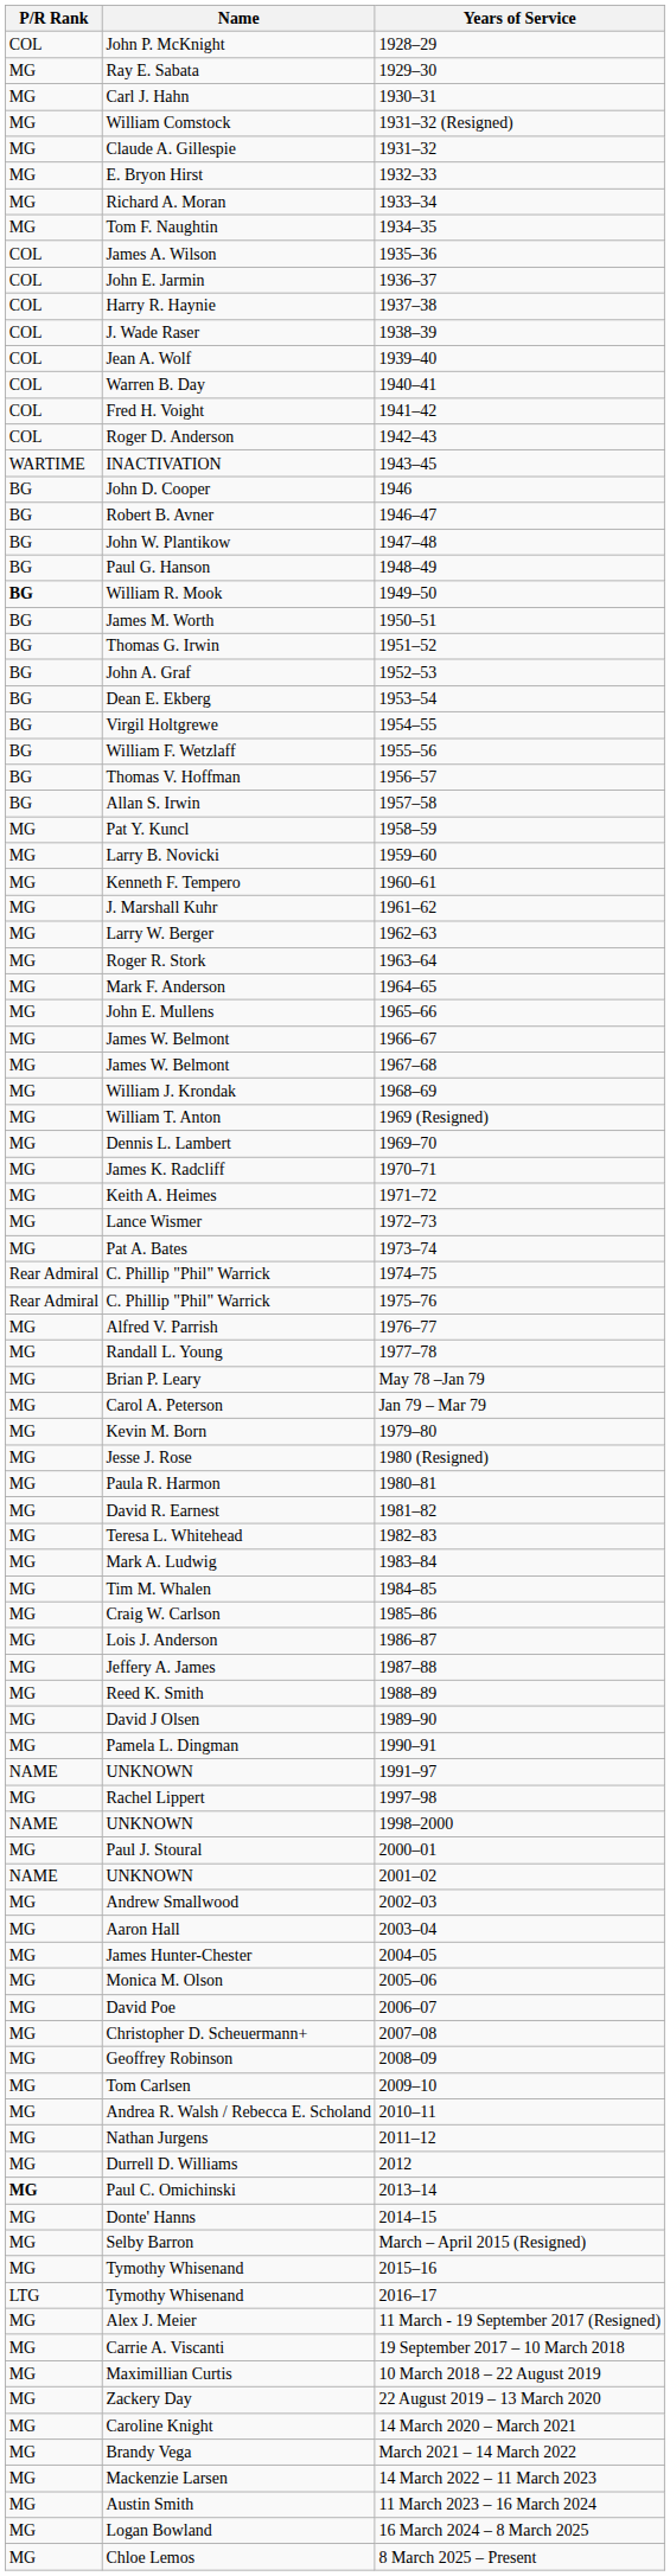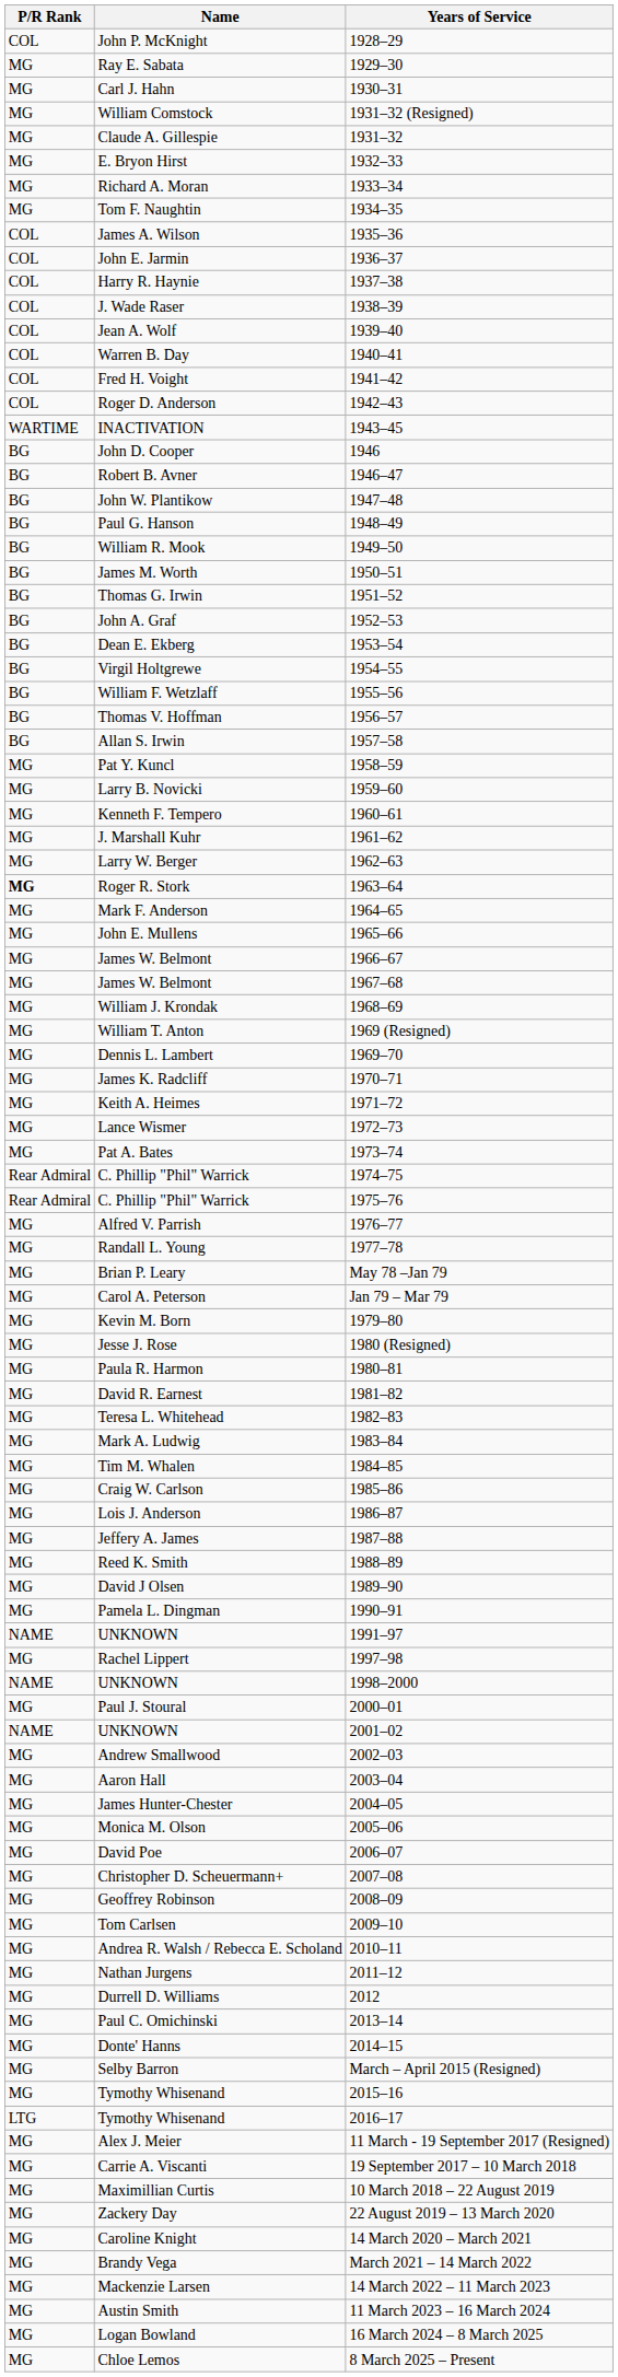 <table class="wikitable">
 <tr>
 <th>P/R Rank</th>
 <th>Name</th>
 <th>Years of Service</th>
 </tr>
 <tr>
 <td>COL</td>
 <td>John P. McKnight</td>
 <td>1928–29</td>
 </tr>
 <tr>
 <td>MG</td>
 <td>Ray E. Sabata</td>
 <td>1929–30</td>
 </tr>
 <tr>
 <td>MG</td>
 <td>Carl J. Hahn</td>
 <td>1930–31</td>
 </tr>
 <tr>
 <td>MG</td>
 <td>William Comstock</td>
 <td>1931–32 (Resigned)</td>
 </tr>
 <tr>
 <td>MG</td>
 <td>Claude A. Gillespie</td>
 <td>1931–32</td>
 </tr>
 <tr>
 <td>MG</td>
 <td>E. Bryon Hirst</td>
 <td>1932–33</td>
 </tr>
 <tr>
 <td>MG</td>
 <td>Richard A. Moran</td>
 <td>1933–34</td>
 </tr>
 <tr>
 <td>MG</td>
 <td>Tom F. Naughtin</td>
 <td>1934–35</td>
 </tr>
 <tr>
 <td>COL</td>
 <td>James A. Wilson</td>
 <td>1935–36</td>
 </tr>
 <tr>
 <td>COL</td>
 <td>John E. Jarmin</td>
 <td>1936–37</td>
 </tr>
 <tr>
 <td>COL</td>
 <td>Harry R. Haynie</td>
 <td>1937–38</td>
 </tr>
 <tr>
 <td>COL</td>
 <td>J. Wade Raser</td>
 <td>1938–39</td>
 </tr>
 <tr>
 <td>COL</td>
 <td>Jean A. Wolf</td>
 <td>1939–40</td>
 </tr>
 <tr>
 <td>COL</td>
 <td>Warren B. Day</td>
 <td>1940–41</td>
 </tr>
 <tr>
 <td>COL</td>
 <td>Fred H. Voight</td>
 <td>1941–42</td>
 </tr>
 <tr>
 <td>COL</td>
 <td>Roger D. Anderson</td>
 <td>1942–43</td>
 </tr>
 <tr>
 <td>WARTIME</td>
 <td>INACTIVATION</td>
 <td>1943–45</td>
 </tr>
 <tr>
 <td>BG</td>
 <td>John D. Cooper</td>
 <td>1946</td>
 </tr>
 <tr>
 <td>BG</td>
 <td>Robert B. Avner</td>
 <td>1946–47</td>
 </tr>
 <tr>
 <td>BG</td>
 <td>John W. Plantikow</td>
 <td>1947–48</td>
 </tr>
 <tr>
 <td>BG</td>
 <td>Paul G. Hanson</td>
 <td>1948–49</td>
 </tr>
 <tr>
-<td><strong>BG</strong></td>
+<td>BG</td>
 <td>William R. Mook</td>
 <td>1949–50</td>
 </tr>
 <tr>
 <td>BG</td>
 <td>James M. Worth</td>
 <td>1950–51</td>
 </tr>
 <tr>
 <td>BG</td>
 <td>Thomas G. Irwin</td>
 <td>1951–52</td>
 </tr>
 <tr>
 <td>BG</td>
 <td>John A. Graf</td>
 <td>1952–53</td>
 </tr>
 <tr>
 <td>BG</td>
 <td>Dean E. Ekberg</td>
 <td>1953–54</td>
 </tr>
 <tr>
 <td>BG</td>
 <td>Virgil Holtgrewe</td>
 <td>1954–55</td>
 </tr>
 <tr>
 <td>BG</td>
 <td>William F. Wetzlaff</td>
 <td>1955–56</td>
 </tr>
 <tr>
 <td>BG</td>
 <td>Thomas V. Hoffman</td>
 <td>1956–57</td>
 </tr>
 <tr>
 <td>BG</td>
 <td>Allan S. Irwin</td>
 <td>1957–58</td>
 </tr>
 <tr>
 <td>MG</td>
 <td>Pat Y. Kuncl</td>
 <td>1958–59</td>
 </tr>
 <tr>
 <td>MG</td>
 <td>Larry B. Novicki</td>
 <td>1959–60</td>
 </tr>
 <tr>
 <td>MG</td>
 <td>Kenneth F. Tempero</td>
 <td>1960–61</td>
 </tr>
 <tr>
 <td>MG</td>
 <td>J. Marshall Kuhr</td>
 <td>1961–62</td>
 </tr>
 <tr>
 <td>MG</td>
 <td>Larry W. Berger</td>
 <td>1962–63</td>
 </tr>
 <tr>
-<td>MG</td>
+<td><strong>MG</strong></td>
 <td>Roger R. Stork</td>
 <td>1963–64</td>
 </tr>
 <tr>
 <td>MG</td>
 <td>Mark F. Anderson</td>
 <td>1964–65</td>
 </tr>
 <tr>
 <td>MG</td>
 <td>John E. Mullens</td>
 <td>1965–66</td>
 </tr>
 <tr>
 <td>MG</td>
 <td>James W. Belmont</td>
 <td>1966–67</td>
 </tr>
 <tr>
 <td>MG</td>
 <td>James W. Belmont</td>
 <td>1967–68</td>
 </tr>
 <tr>
 <td>MG</td>
 <td>William J. Krondak</td>
 <td>1968–69</td>
 </tr>
 <tr>
 <td>MG</td>
 <td>William T. Anton</td>
 <td>1969 (Resigned)</td>
 </tr>
 <tr>
 <td>MG</td>
 <td>Dennis L. Lambert</td>
 <td>1969–70</td>
 </tr>
 <tr>
 <td>MG</td>
 <td>James K. Radcliff</td>
 <td>1970–71</td>
 </tr>
 <tr>
 <td>MG</td>
 <td>Keith A. Heimes</td>
 <td>1971–72</td>
 </tr>
 <tr>
 <td>MG</td>
 <td>Lance Wismer</td>
 <td>1972–73</td>
 </tr>
 <tr>
 <td>MG</td>
 <td>Pat A. Bates</td>
 <td>1973–74</td>
 </tr>
 <tr>
 <td>Rear Admiral</td>
 <td>C. Phillip "Phil" Warrick</td>
 <td>1974–75</td>
 </tr>
 <tr>
 <td>Rear Admiral</td>
 <td>C. Phillip "Phil" Warrick</td>
 <td>1975–76</td>
 </tr>
 <tr>
 <td>MG</td>
 <td>Alfred V. Parrish</td>
 <td>1976–77</td>
 </tr>
 <tr>
 <td>MG</td>
 <td>Randall L. Young</td>
 <td>1977–78</td>
 </tr>
 <tr>
 <td>MG</td>
 <td>Brian P. Leary</td>
 <td>May 78 –Jan 79</td>
 </tr>
 <tr>
 <td>MG</td>
 <td>Carol A. Peterson</td>
 <td>Jan 79 – Mar 79</td>
 </tr>
 <tr>
 <td>MG</td>
 <td>Kevin M. Born</td>
 <td>1979–80</td>
 </tr>
 <tr>
 <td>MG</td>
 <td>Jesse J. Rose</td>
 <td>1980 (Resigned)</td>
 </tr>
 <tr>
 <td>MG</td>
 <td>Paula R. Harmon</td>
 <td>1980–81</td>
 </tr>
 <tr>
 <td>MG</td>
 <td>David R. Earnest</td>
 <td>1981–82</td>
 </tr>
 <tr>
 <td>MG</td>
 <td>Teresa L. Whitehead</td>
 <td>1982–83</td>
 </tr>
 <tr>
 <td>MG</td>
 <td>Mark A. Ludwig</td>
 <td>1983–84</td>
 </tr>
 <tr>
 <td>MG</td>
 <td>Tim M. Whalen</td>
 <td>1984–85</td>
 </tr>
 <tr>
 <td>MG</td>
 <td>Craig W. Carlson</td>
 <td>1985–86</td>
 </tr>
 <tr>
 <td>MG</td>
 <td>Lois J. Anderson</td>
 <td>1986–87</td>
 </tr>
 <tr>
 <td>MG</td>
 <td>Jeffery A. James</td>
 <td>1987–88</td>
 </tr>
 <tr>
 <td>MG</td>
 <td>Reed K. Smith</td>
 <td>1988–89</td>
 </tr>
 <tr>
 <td>MG</td>
 <td>David J Olsen</td>
 <td>1989–90</td>
 </tr>
 <tr>
 <td>MG</td>
 <td>Pamela L. Dingman</td>
 <td>1990–91</td>
 </tr>
 <tr>
 <td>NAME</td>
 <td>UNKNOWN</td>
 <td>1991–97</td>
 </tr>
 <tr>
 <td>MG</td>
 <td>Rachel Lippert</td>
 <td>1997–98</td>
 </tr>
 <tr>
 <td>NAME</td>
 <td>UNKNOWN</td>
 <td>1998–2000</td>
 </tr>
 <tr>
 <td>MG</td>
 <td>Paul J. Stoural</td>
 <td>2000–01</td>
 </tr>
 <tr>
 <td>NAME</td>
 <td>UNKNOWN</td>
 <td>2001–02</td>
 </tr>
 <tr>
 <td>MG</td>
 <td>Andrew Smallwood</td>
 <td>2002–03</td>
 </tr>
 <tr>
 <td>MG</td>
 <td>Aaron Hall</td>
 <td>2003–04</td>
 </tr>
 <tr>
 <td>MG</td>
 <td>James Hunter-Chester</td>
 <td>2004–05</td>
 </tr>
 <tr>
 <td>MG</td>
 <td>Monica M. Olson</td>
 <td>2005–06</td>
 </tr>
 <tr>
 <td>MG</td>
 <td>David Poe</td>
 <td>2006–07</td>
 </tr>
 <tr>
 <td>MG</td>
 <td>Christopher D. Scheuermann+</td>
 <td>2007–08</td>
 </tr>
 <tr>
 <td>MG</td>
 <td>Geoffrey Robinson</td>
 <td>2008–09</td>
 </tr>
 <tr>
 <td>MG</td>
 <td>Tom Carlsen</td>
 <td>2009–10</td>
 </tr>
 <tr>
 <td>MG</td>
 <td>Andrea R. Walsh / Rebecca E. Scholand</td>
 <td>2010–11</td>
 </tr>
 <tr>
 <td>MG</td>
 <td>Nathan Jurgens</td>
 <td>2011–12</td>
 </tr>
 <tr>
 <td>MG</td>
 <td>Durrell D. Williams</td>
 <td>2012</td>
 </tr>
 <tr>
-<td><strong>MG</strong></td>
+<td>MG</td>
 <td>Paul C. Omichinski</td>
 <td>2013–14</td>
 </tr>
 <tr>
 <td>MG</td>
 <td>Donte' Hanns</td>
 <td>2014–15</td>
 </tr>
 <tr>
 <td>MG</td>
 <td>Selby Barron</td>
 <td>March – April 2015 (Resigned)</td>
 </tr>
 <tr>
 <td>MG</td>
 <td>Tymothy Whisenand</td>
 <td>2015–16</td>
 </tr>
 <tr>
 <td>LTG</td>
 <td>Tymothy Whisenand</td>
 <td>2016–17</td>
 </tr>
 <tr>
 <td>MG</td>
 <td>Alex J. Meier</td>
 <td>11 March - 19 September 2017 (Resigned)</td>
 </tr>
 <tr>
 <td>MG</td>
 <td>Carrie A. Viscanti</td>
 <td>19 September 2017 – 10 March 2018</td>
 </tr>
 <tr>
 <td>MG</td>
 <td>Maximillian Curtis</td>
 <td>10 March 2018 – 22 August 2019</td>
 </tr>
 <tr>
 <td>MG</td>
 <td>Zackery Day</td>
 <td>22 August 2019 – 13 March 2020</td>
 </tr>
 <tr>
 <td>MG</td>
 <td>Caroline Knight</td>
 <td>14 March 2020 – March 2021</td>
 </tr>
 <tr>
 <td>MG</td>
 <td>Brandy Vega</td>
 <td>March 2021 – 14 March 2022</td>
 </tr>
 <tr>
 <td>MG</td>
 <td>Mackenzie Larsen</td>
 <td>14 March 2022 – 11 March 2023</td>
 </tr>
 <tr>
 <td>MG</td>
 <td>Austin Smith</td>
 <td>11 March 2023 – 16 March 2024</td>
 </tr>
 <tr>
 <td>MG</td>
 <td>Logan Bowland</td>
 <td>16 March 2024 – 8 March 2025</td>
 </tr>
 <tr>
 <td>MG</td>
 <td>Chloe Lemos</td>
 <td>8 March 2025 – Present</td>
 </tr>
 </table>
